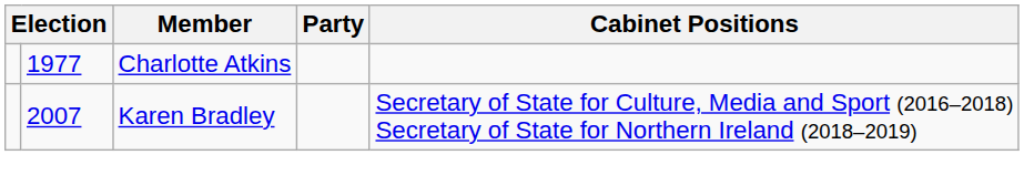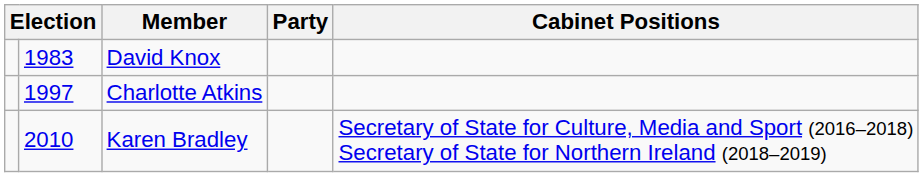 <table class="wikitable">
 <tr>
 <th colspan="2">Election</th>
 <th>Member</th>
 <th>Party</th>
 <th>Cabinet Positions</th>
 </tr>
 <tr>
 <td style="color:inherit;background-color: "></td>
-<td><a href='#'>1977</a></td>
+<td><a href='#'>1983</a></td>
+<td><a href='#'>David Knox</a></td>
+<td></td>
+<td></td>
+</tr>
+<tr>
+<td style="color:inherit;background-color: "></td>
+<td><a href='#'>1997</a></td>
 <td><a href='#'>Charlotte Atkins</a></td>
 <td></td>
 <td></td>
 </tr>
 <tr>
 <td style="color:inherit;background-color: "></td>
-<td><a href='#'>2007</a></td>
+<td><a href='#'>2010</a></td>
 <td><a href='#'>Karen Bradley</a></td>
 <td></td>
 <td rowspan=1><a href='#'>Secretary of State for Culture, Media and Sport</a> <small>(2016–2018)</small><br><a href='#'>Secretary of State for Northern Ireland</a> <small>(2018–2019)</small></td>
 </tr>
 </table>
